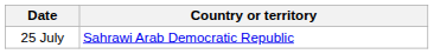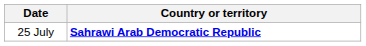 <table class="wikitable sortable">
 <tr>
 <th style="width:5em;">Date</th>
 <th style="width:25em;">Country or territory</th>
 </tr>
 <tr style="background:#fff;">
 <td style="text-align:center;">25 July</td>
-<td> <a href='#'>Sahrawi Arab Democratic Republic</a></td>
+<td><strong> <a href='#'>Sahrawi Arab Democratic Republic</a></strong></td>
 </tr>
 </table>
